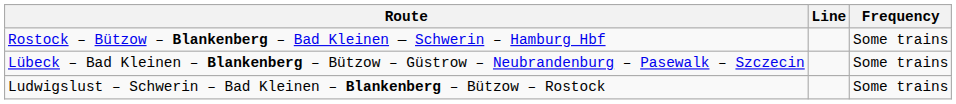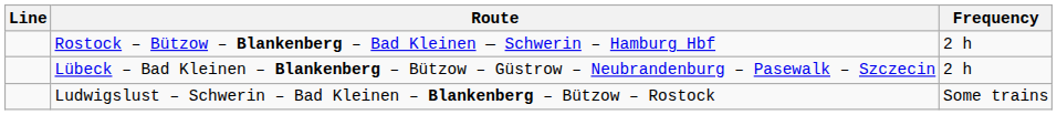 <table class="wikitable">
 <tr>
+<th>Line</th>
 <th>Route</th>
-<th>Line</th>
 <th>Frequency</th>
 </tr>
 <tr>
+<td></td>
 <td><a href='#'>Rostock</a> – <a href='#'>Bützow</a> – <strong>Blankenberg</strong> – <a href='#'>Bad Kleinen</a> — <a href='#'>Schwerin</a> – <a href='#'>Hamburg Hbf</a></td>
-<td></td>
-<td>Some trains</td>
+<td>2 h</td>
 </tr>
 <tr>
+<td></td>
 <td><a href='#'>Lübeck</a> – Bad Kleinen – <strong>Blankenberg</strong> – Bützow  – Güstrow – <a href='#'>Neubrandenburg</a> – <a href='#'>Pasewalk</a> – <a href='#'>Szczecin</a></td>
-<td></td>
-<td>Some trains</td>
+<td>2 h</td>
 </tr>
 <tr>
+<td></td>
 <td>Ludwigslust – Schwerin – Bad Kleinen – <strong>Blankenberg</strong> – Bützow – Rostock</td>
-<td></td>
 <td>Some trains</td>
 </tr>
 </table>
